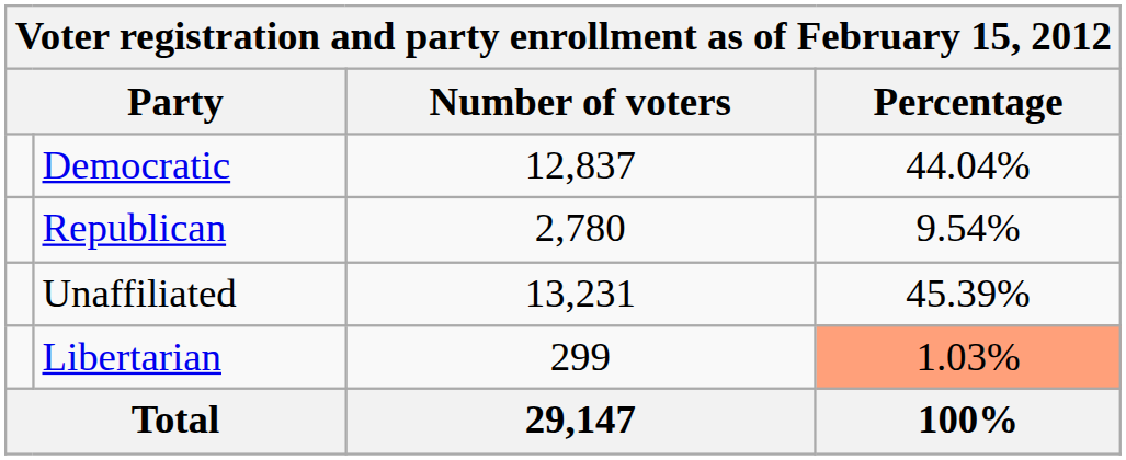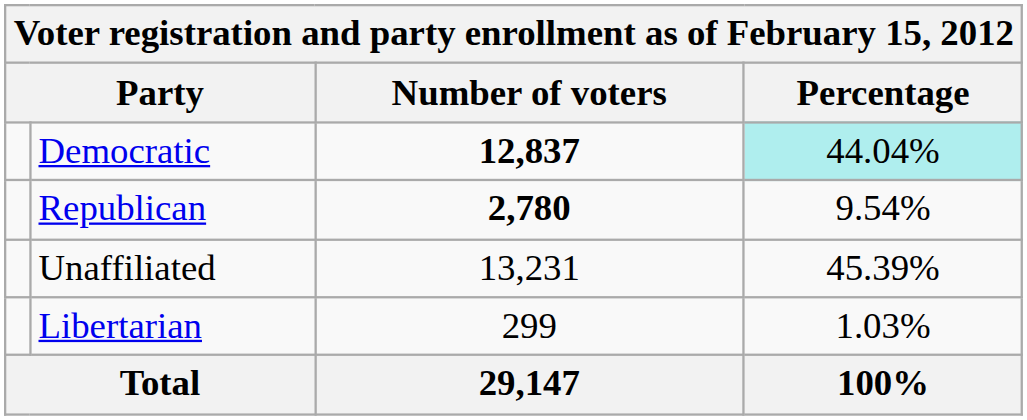 <table class=wikitable>
 <tr>
 <th colspan = 6>Voter registration and party enrollment as of February 15, 2012</th>
 </tr>
 <tr>
 <th colspan = 2>Party</th>
 <th>Number of voters</th>
 <th>Percentage</th>
 </tr>
 <tr>
 <td></td>
 <td><a href='#'>Democratic</a></td>
-<td align = center>12,837</td>
-<td align = center>44.04%</td>
+<td align = center><strong>12,837</strong></td>
+<td align = center style="background: paleturquoise;">44.04%</td>
 </tr>
 <tr>
 <td></td>
 <td><a href='#'>Republican</a></td>
-<td align = center>2,780</td>
+<td align = center><strong>2,780</strong></td>
 <td align = center>9.54%</td>
 </tr>
 <tr>
 <td></td>
 <td>Unaffiliated</td>
 <td align = center>13,231</td>
 <td align = center>45.39%</td>
 </tr>
 <tr>
 <td></td>
 <td><a href='#'>Libertarian</a></td>
 <td align = center>299</td>
-<td align = center style="background: lightsalmon;">1.03%</td>
+<td align = center>1.03%</td>
 </tr>
 <tr>
 <th colspan = 2>Total</th>
 <th align = center>29,147</th>
 <th align = center>100%</th>
 </tr>
 </table>
